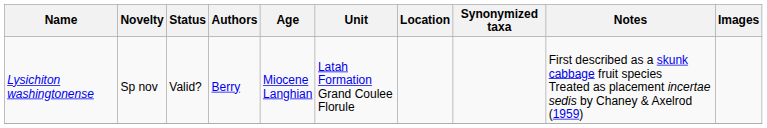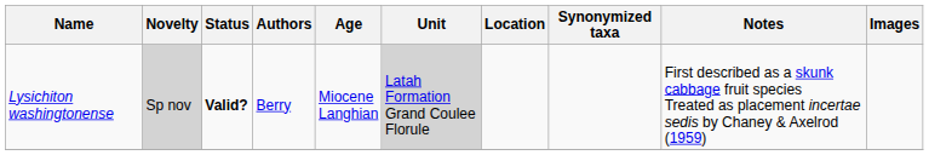 <table class="wikitable sortable" align="center" width="80%">
 <tr>
 <th>Name</th>
 <th>Novelty</th>
 <th>Status</th>
 <th>Authors</th>
 <th>Age</th>
 <th>Unit</th>
 <th>Location</th>
 <th>Synonymized taxa</th>
 <th>Notes</th>
 <th>Images</th>
 </tr>
 <tr>
 <td><br><em><a href='#'>Lysichiton washingtonense</a></em></td>
-<td><br>Sp nov</td>
-<td><br>Valid?</td>
+<td style="background: lightgrey;"><br>Sp nov</td>
+<td><strong><br>Valid?</strong></td>
 <td><br><a href='#'>Berry</a></td>
 <td><br><a href='#'>Miocene</a><br><a href='#'>Langhian</a></td>
-<td><br><a href='#'>Latah Formation</a><br>Grand Coulee Florule</td>
+<td style="background: lightgrey;"><br><a href='#'>Latah Formation</a><br>Grand Coulee Florule</td>
 <td><br><br></td>
 <td></td>
 <td><br>First described as a <a href='#'>skunk cabbage</a> fruit species<br>Treated as placement <em>incertae sedis</em> by Chaney & Axelrod (<a href='#'>1959</a>)</td>
 <td><br></td>
 </tr>
 <tr>
 </tr>
 </table>
